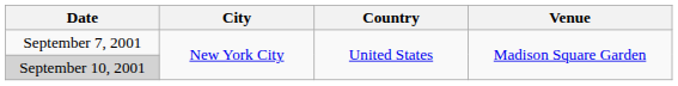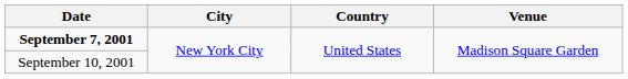 <table class="wikitable" style="text-align:center;">
 <tr>
 <th width="150">Date</th>
 <th width="150">City</th>
 <th width="150">Country</th>
 <th width="200">Venue</th>
 </tr>
 <tr>
-<td>September 7, 2001</td>
+<td><strong>September 7, 2001</strong></td>
 <td rowspan="2"><a href='#'>New York City</a></td>
 <td rowspan="2"><a href='#'>United States</a></td>
 <td rowspan="2"><a href='#'>Madison Square Garden</a></td>
 </tr>
 <tr>
-<td style="background: lightgrey;">September 10, 2001</td>
+<td>September 10, 2001</td>
 </tr>
 </table>
